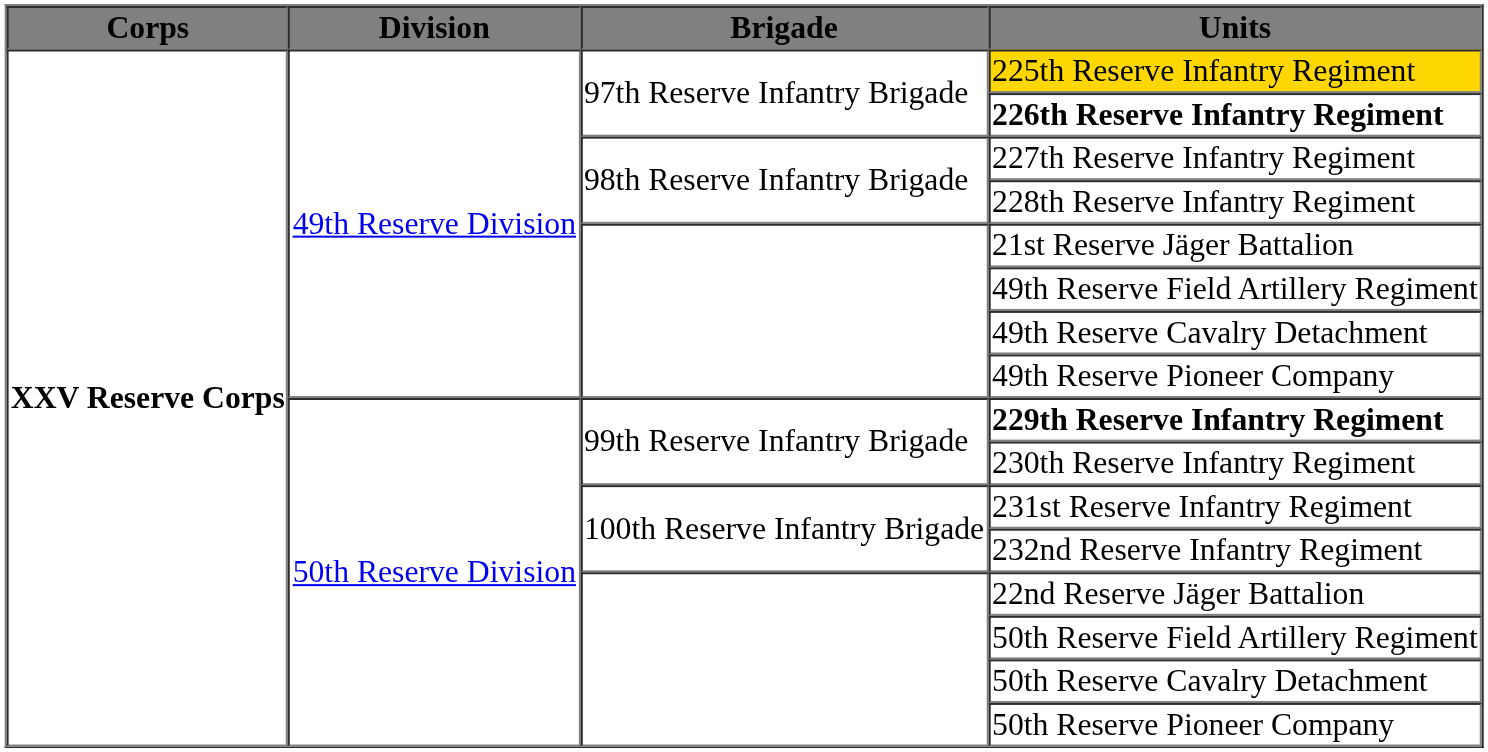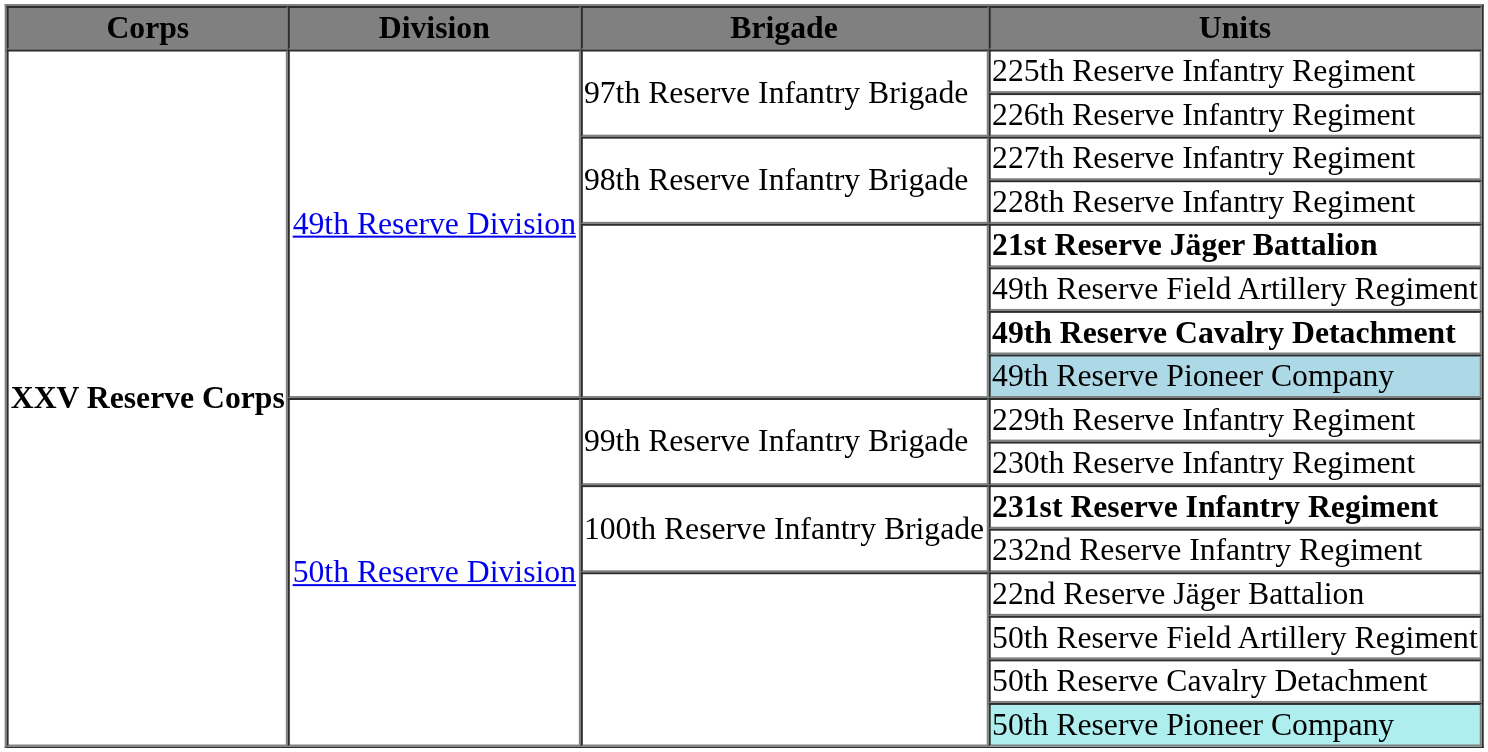 <table style="float: right;" border="1" cellpadding="1" cellspacing="0" style="font-size: 100%; border: gray solid 1px; border-collapse: collapse; text-align: center;">
 <tr style="background-color:grey; color:black;">
 <th>Corps</th>
 <th>Division</th>
 <th>Brigade</th>
 <th>Units</th>
 </tr>
 <tr>
 <td ROWSPAN=16><strong>XXV Reserve Corps</strong></td>
 <td ROWSPAN=8><a href='#'>49th Reserve Division</a></td>
 <td ROWSPAN=2>97th Reserve Infantry Brigade</td>
-<td style="background: gold;">225th Reserve Infantry Regiment</td>
+<td>225th Reserve Infantry Regiment</td>
 </tr>
 <tr>
-<td><strong>226th Reserve Infantry Regiment</strong></td>
+<td>226th Reserve Infantry Regiment</td>
 </tr>
 <tr>
 <td ROWSPAN=2>98th Reserve Infantry Brigade</td>
 <td>227th Reserve Infantry Regiment</td>
 </tr>
 <tr>
 <td>228th Reserve Infantry Regiment</td>
 </tr>
 <tr>
 <td ROWSPAN=4></td>
-<td>21st Reserve Jäger Battalion</td>
+<td><strong>21st Reserve Jäger Battalion</strong></td>
 </tr>
 <tr>
 <td>49th Reserve Field Artillery Regiment</td>
 </tr>
 <tr>
-<td>49th Reserve Cavalry Detachment</td>
+<td><strong>49th Reserve Cavalry Detachment</strong></td>
 </tr>
 <tr>
-<td>49th Reserve Pioneer Company</td>
+<td style="background: lightblue;">49th Reserve Pioneer Company</td>
 </tr>
 <tr>
 <td ROWSPAN=8><a href='#'>50th Reserve Division</a></td>
 <td ROWSPAN=2>99th Reserve Infantry Brigade</td>
-<td><strong>229th Reserve Infantry Regiment</strong></td>
+<td>229th Reserve Infantry Regiment</td>
 </tr>
 <tr>
 <td>230th Reserve Infantry Regiment</td>
 </tr>
 <tr>
 <td ROWSPAN=2>100th Reserve Infantry Brigade</td>
-<td>231st Reserve Infantry Regiment</td>
+<td><strong>231st Reserve Infantry Regiment</strong></td>
 </tr>
 <tr>
 <td>232nd Reserve Infantry Regiment</td>
 </tr>
 <tr>
 <td ROWSPAN=4></td>
 <td>22nd Reserve Jäger Battalion</td>
 </tr>
 <tr>
 <td>50th Reserve Field Artillery Regiment</td>
 </tr>
 <tr>
 <td>50th Reserve Cavalry Detachment</td>
 </tr>
 <tr>
-<td>50th Reserve Pioneer Company</td>
+<td style="background: paleturquoise;">50th Reserve Pioneer Company</td>
 </tr>
 <tr>
 </tr>
 </table>
